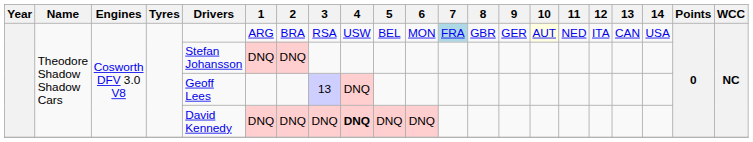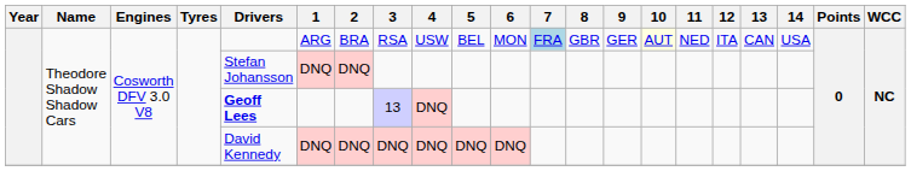 <table class="wikitable" style="text-align:center; font-size:90%">
 <tr>
 <th>Year</th>
 <th>Name</th>
 <th>Engines</th>
 <th>Tyres</th>
 <th>Drivers</th>
 <th>1</th>
 <th>2</th>
 <th>3</th>
 <th>4</th>
 <th>5</th>
 <th>6</th>
 <th>7</th>
 <th>8</th>
 <th>9</th>
 <th>10</th>
 <th>11</th>
 <th>12</th>
 <th>13</th>
 <th>14</th>
 <th>Points</th>
 <th>WCC</th>
 </tr>
 <tr>
 <th rowspan="4"></th>
 <td rowspan="4" align=left> Theodore Shadow <br>  Shadow Cars</td>
 <td rowspan="4"><a href='#'>Cosworth DFV</a> 3.0 <a href='#'>V8</a></td>
 <td rowspan="4"></td>
 <td></td>
 <td><a href='#'>ARG</a></td>
 <td><a href='#'>BRA</a></td>
 <td><a href='#'>RSA</a></td>
 <td><a href='#'>USW</a></td>
 <td><a href='#'>BEL</a></td>
 <td><a href='#'>MON</a></td>
 <td style="background: lightblue;"><a href='#'>FRA</a></td>
 <td><a href='#'>GBR</a></td>
 <td><a href='#'>GER</a></td>
 <td style="background: lightyellow;"><a href='#'>AUT</a></td>
 <td><a href='#'>NED</a></td>
 <td><a href='#'>ITA</a></td>
 <td><a href='#'>CAN</a></td>
 <td><a href='#'>USA</a></td>
 <th rowspan="4">0</th>
 <th rowspan="4">NC</th>
 </tr>
 <tr>
 <td align="left"> <a href='#'>Stefan Johansson</a></td>
 <td style="background:#FFCFCF;">DNQ</td>
 <td style="background:#FFCFCF;">DNQ</td>
 <td></td>
 <td></td>
 <td></td>
 <td></td>
 <td></td>
 <td></td>
 <td></td>
 <td></td>
 <td></td>
 <td></td>
 <td></td>
 <td></td>
 </tr>
 <tr>
-<td align="left"> <a href='#'>Geoff Lees</a></td>
+<td align="left"><strong> <a href='#'>Geoff Lees</a></strong></td>
 <td></td>
 <td></td>
 <td style="background:#CFCFFF;">13</td>
 <td style="background:#FFCFCF;">DNQ</td>
 <td></td>
 <td></td>
 <td></td>
 <td></td>
 <td></td>
 <td></td>
 <td></td>
 <td></td>
 <td></td>
 <td></td>
 </tr>
 <tr>
 <td align="left"> <a href='#'>David Kennedy</a></td>
 <td style="background:#FFCFCF;">DNQ</td>
 <td style="background:#FFCFCF;">DNQ</td>
 <td style="background:#FFCFCF;">DNQ</td>
-<td style="background:#FFCFCF;"><strong>DNQ</strong></td>
+<td style="background:#FFCFCF;">DNQ</td>
 <td style="background:#FFCFCF;">DNQ</td>
 <td style="background:#FFCFCF;">DNQ</td>
 <td></td>
 <td></td>
 <td></td>
 <td></td>
 <td></td>
 <td></td>
 <td></td>
 <td></td>
 </tr>
 <tr>
 </tr>
 </table>
